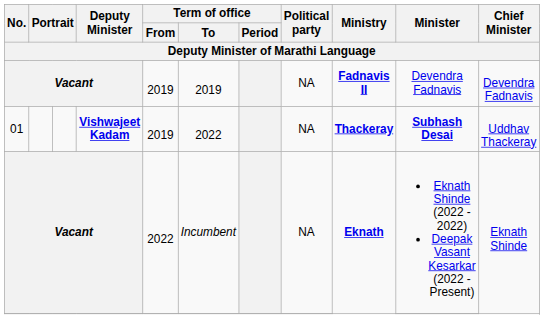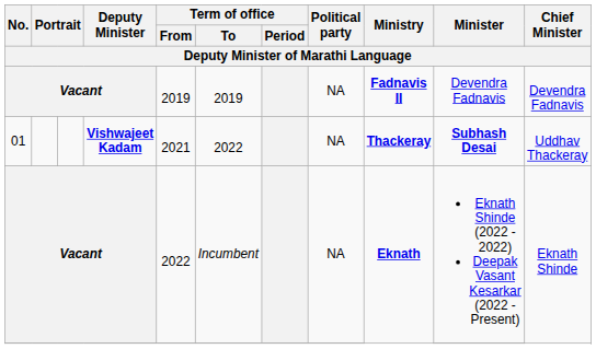 <table class="wikitable" style="text-align:center">
 <tr>
 <th rowspan="2">No.</th>
 <th rowspan="2" colspan="2">Portrait</th>
 <th rowspan="2" style="width:16em">Deputy Minister<br></th>
 <th colspan="3">Term of office</th>
 <th rowspan="2" style="width:8em">Political party</th>
 <th rowspan="2">Ministry</th>
 <th rowspan="2" style="width:9em">Minister</th>
 <th rowspan="2" style="width:9em">Chief Minister</th>
 </tr>
 <tr>
 <th style="width:6em">From</th>
 <th style="width:6em">To</th>
 <th>Period</th>
 </tr>
 <tr>
 <th colspan="11">Deputy Minister of Marathi Language</th>
 </tr>
 <tr>
 <th colspan="04"><strong><em>Vacant</em></strong></th>
 <td><br>2019</td>
 <td><br>2019</td>
 <th></th>
 <td>NA</td>
 <td rowspan="1"><a href='#'><strong>Fadnavis II</strong></a></td>
 <td><a href='#'>Devendra Fadnavis</a></td>
 <td rowspan="1"> <br><a href='#'>Devendra Fadnavis</a></td>
 </tr>
 <tr>
 <td>01</td>
 <td></td>
 <td></td>
 <td><strong><a href='#'>Vishwajeet Kadam</a></strong> <br> </td>
-<td><br>2019</td>
+<td><br>2021</td>
 <td><br>2022</td>
 <th></th>
 <td>NA</td>
 <td rowspan="1"><a href='#'><strong>Thackeray</strong></a></td>
 <td><strong><a href='#'>Subhash Desai</a></strong></td>
 <td rowspan="1"> <br><a href='#'>Uddhav Thackeray</a></td>
 </tr>
 <tr>
 <th colspan="04"><strong><em>Vacant </em></strong></th>
 <td><br>2022</td>
 <td><em>Incumbent</em></td>
 <th></th>
 <td>NA</td>
 <td rowspan="2"><a href='#'><strong>Eknath</strong></a></td>
 <td><br><ul><li><a href='#'>Eknath Shinde</a><br>(2022 - 2022)</li><li><a href='#'>Deepak Vasant Kesarkar</a><br> (2022 - Present)</li></ul></td>
 <td rowspan="2"> <br><a href='#'>Eknath Shinde</a></td>
 </tr>
 <tr>
 </tr>
 </table>
